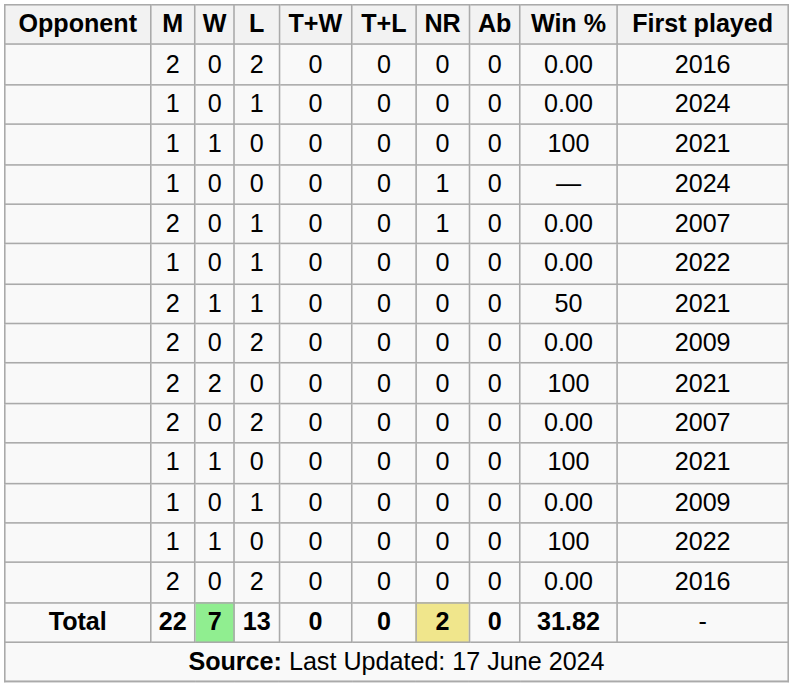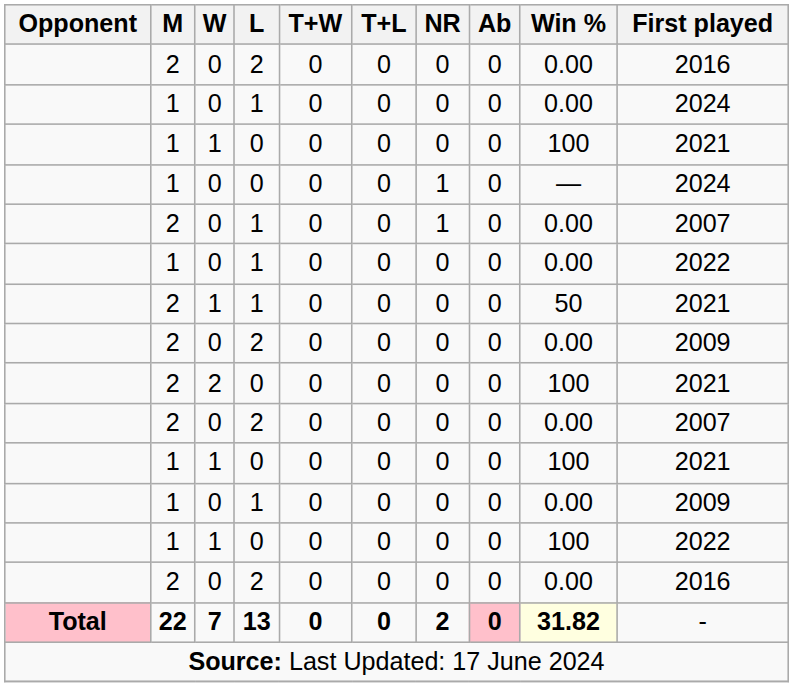 <table class="wikitable" style="text-align: center; width: 500px;">
 <tr>
 <th>Opponent</th>
 <th>M</th>
 <th>W</th>
 <th>L</th>
 <th>T+W</th>
 <th>T+L</th>
 <th>NR</th>
 <th>Ab</th>
 <th>Win %</th>
 <th>First played</th>
 </tr>
 <tr>
 <td align="left"></td>
 <td>2</td>
 <td>0</td>
 <td>2</td>
 <td>0</td>
 <td>0</td>
 <td>0</td>
 <td>0</td>
 <td>0.00</td>
 <td>2016</td>
 </tr>
 <tr>
 <td align="left"></td>
 <td>1</td>
 <td>0</td>
 <td>1</td>
 <td>0</td>
 <td>0</td>
 <td>0</td>
 <td>0</td>
 <td>0.00</td>
 <td>2024</td>
 </tr>
 <tr>
 <td align="left"></td>
 <td>1</td>
 <td>1</td>
 <td>0</td>
 <td>0</td>
 <td>0</td>
 <td>0</td>
 <td>0</td>
 <td>100</td>
 <td>2021</td>
 </tr>
 <tr>
 <td align="left"></td>
 <td>1</td>
 <td>0</td>
 <td>0</td>
 <td>0</td>
 <td>0</td>
 <td>1</td>
 <td>0</td>
 <td>—</td>
 <td>2024</td>
 </tr>
 <tr>
 <td align="left"></td>
 <td>2</td>
 <td>0</td>
 <td>1</td>
 <td>0</td>
 <td>0</td>
 <td>1</td>
 <td>0</td>
 <td>0.00</td>
 <td>2007</td>
 </tr>
 <tr>
 <td align="left"></td>
 <td>1</td>
 <td>0</td>
 <td>1</td>
 <td>0</td>
 <td>0</td>
 <td>0</td>
 <td>0</td>
 <td>0.00</td>
 <td>2022</td>
 </tr>
 <tr>
 <td align="left"></td>
 <td>2</td>
 <td>1</td>
 <td>1</td>
 <td>0</td>
 <td>0</td>
 <td>0</td>
 <td>0</td>
 <td>50</td>
 <td>2021</td>
 </tr>
 <tr>
 <td align="left"></td>
 <td>2</td>
 <td>0</td>
 <td>2</td>
 <td>0</td>
 <td>0</td>
 <td>0</td>
 <td>0</td>
 <td>0.00</td>
 <td>2009</td>
 </tr>
 <tr>
 <td align="left"></td>
 <td>2</td>
 <td>2</td>
 <td>0</td>
 <td>0</td>
 <td>0</td>
 <td>0</td>
 <td>0</td>
 <td>100</td>
 <td>2021</td>
 </tr>
 <tr>
 <td align="left"></td>
 <td>2</td>
 <td>0</td>
 <td>2</td>
 <td>0</td>
 <td>0</td>
 <td>0</td>
 <td>0</td>
 <td>0.00</td>
 <td>2007</td>
 </tr>
 <tr>
 <td align="left"></td>
 <td>1</td>
 <td>1</td>
 <td>0</td>
 <td>0</td>
 <td>0</td>
 <td>0</td>
 <td>0</td>
 <td>100</td>
 <td>2021</td>
 </tr>
 <tr>
 <td align="left"></td>
 <td>1</td>
 <td>0</td>
 <td>1</td>
 <td>0</td>
 <td>0</td>
 <td>0</td>
 <td>0</td>
 <td>0.00</td>
 <td>2009</td>
 </tr>
 <tr>
 <td align="left"></td>
 <td>1</td>
 <td>1</td>
 <td>0</td>
 <td>0</td>
 <td>0</td>
 <td>0</td>
 <td>0</td>
 <td>100</td>
 <td>2022</td>
 </tr>
 <tr>
 <td align="left"></td>
 <td>2</td>
 <td>0</td>
 <td>2</td>
 <td>0</td>
 <td>0</td>
 <td>0</td>
 <td>0</td>
 <td>0.00</td>
 <td>2016</td>
 </tr>
 <tr>
-<td><strong>Total</strong></td>
+<td style="background: pink;"><strong>Total</strong></td>
 <td><strong>22</strong></td>
-<td style="background: lightgreen;"><strong>7</strong></td>
+<td><strong>7</strong></td>
 <td><strong>13</strong></td>
 <td><strong>0</strong></td>
 <td><strong>0</strong></td>
-<td style="background: khaki;"><strong>2</strong></td>
-<td><strong>0</strong></td>
-<td><strong>31.82</strong></td>
+<td><strong>2</strong></td>
+<td style="background: pink;"><strong>0</strong></td>
+<td style="background: lightyellow;"><strong>31.82</strong></td>
 <td>-</td>
 </tr>
 <tr>
 <td colspan="10"><strong>Source:</strong> Last Updated: 17 June 2024</td>
 </tr>
 <tr>
 </tr>
 </table>
